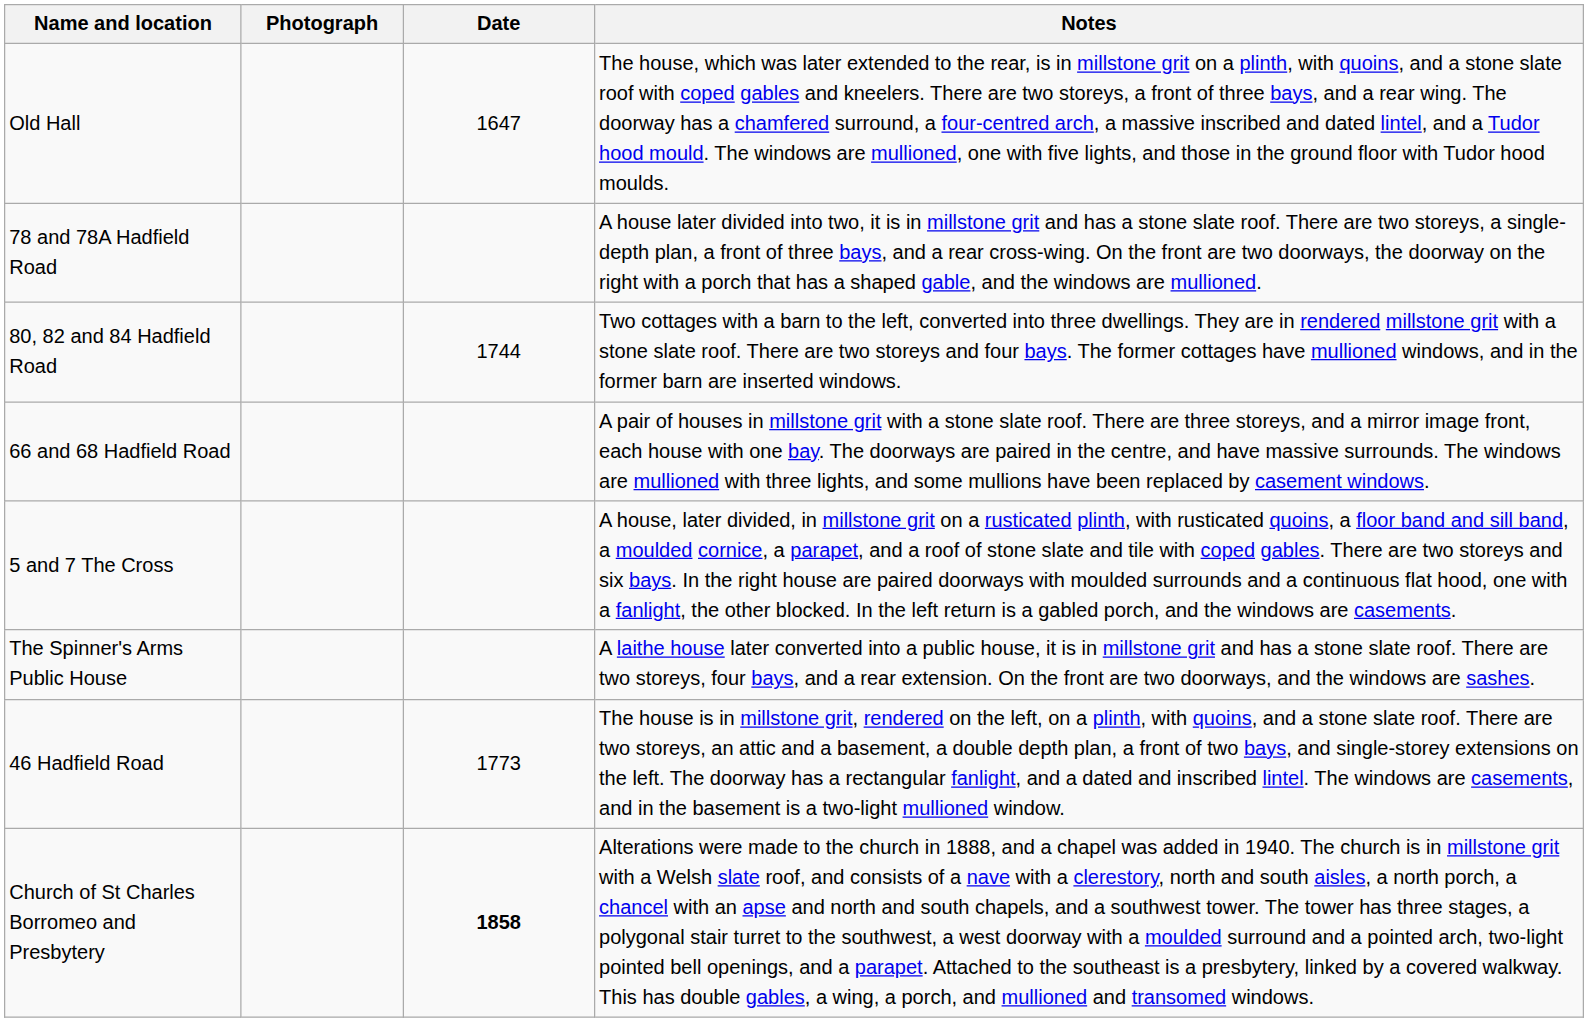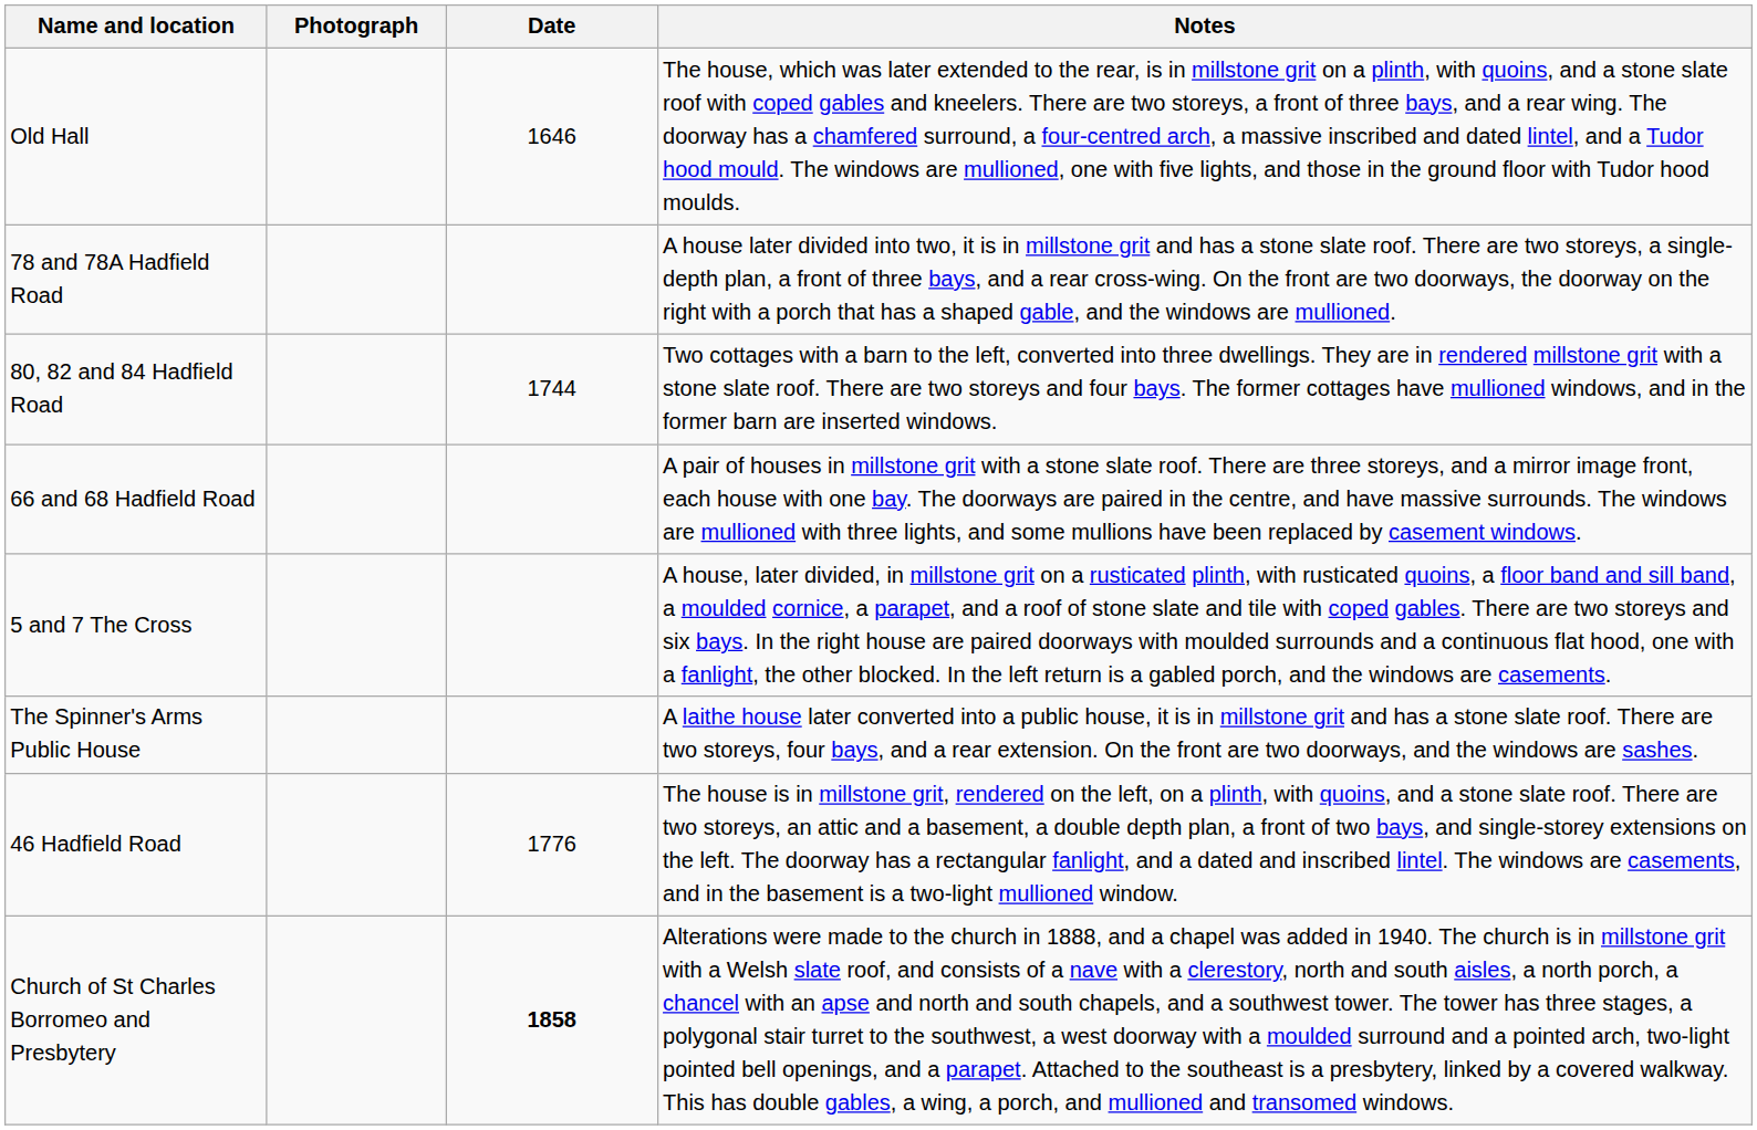 <table class="wikitable sortable plainrowheaders" style="width:100%;border:0px;text-align:left;line-height:150%;">
 <tr>
 <th scope="col"  style="width:150px">Name and location</th>
 <th scope="col"  style="width:100px" class="unsortable">Photograph</th>
 <th scope="col"  style="width:120px">Date</th>
 <th scope="col"  style="width:650px" class="unsortable">Notes</th>
 </tr>
 <tr>
 <td>Old Hall<br><small></small></td>
 <td></td>
-<td align="center">1647</td>
+<td align="center">1646</td>
 <td>The house, which was later extended to the rear, is in <a href='#'>millstone grit</a> on a <a href='#'>plinth</a>, with <a href='#'>quoins</a>, and a stone slate roof with <a href='#'>coped</a> <a href='#'>gables</a> and kneelers.  There are two storeys, a front of three <a href='#'>bays</a>, and a rear wing.  The doorway has a <a href='#'>chamfered</a> surround, a <a href='#'>four-centred arch</a>, a massive inscribed and dated <a href='#'>lintel</a>, and a <a href='#'>Tudor</a> <a href='#'>hood mould</a>.  The windows are <a href='#'>mullioned</a>, one with five lights, and those in the ground floor with Tudor hood moulds.</td>
 </tr>
 <tr>
 <td>78 and 78A Hadfield Road<br><small></small></td>
 <td></td>
 <td align="center"></td>
 <td>A house later divided into two, it is in <a href='#'>millstone grit</a> and has a stone slate roof.  There are two storeys, a single-depth plan, a front of three <a href='#'>bays</a>, and a rear cross-wing.  On the front are two doorways, the doorway on the right with a porch that has a shaped <a href='#'>gable</a>, and the windows are <a href='#'>mullioned</a>.</td>
 </tr>
 <tr>
 <td>80, 82 and 84 Hadfield Road<br><small></small></td>
 <td></td>
 <td align="center">1744</td>
 <td>Two cottages with a barn to the left, converted into three dwellings.  They are in <a href='#'>rendered</a> <a href='#'>millstone grit</a> with a stone slate roof.  There are two storeys and four <a href='#'>bays</a>.  The former cottages have <a href='#'>mullioned</a> windows, and in the former barn are inserted windows.</td>
 </tr>
 <tr>
 <td>66 and 68 Hadfield Road<br><small></small></td>
 <td></td>
 <td align="center"></td>
 <td>A pair of houses in <a href='#'>millstone grit</a> with a stone slate roof.  There are three storeys, and a mirror image front, each house with one <a href='#'>bay</a>.  The doorways are paired in the centre, and have massive surrounds.  The windows are <a href='#'>mullioned</a> with three lights, and some mullions have been replaced by <a href='#'>casement windows</a>.</td>
 </tr>
 <tr>
 <td>5 and 7 The Cross<br><small></small></td>
 <td></td>
 <td align="center"></td>
 <td>A house, later divided, in <a href='#'>millstone grit</a> on a <a href='#'>rusticated</a> <a href='#'>plinth</a>, with rusticated <a href='#'>quoins</a>, a <a href='#'>floor band and sill band</a>, a <a href='#'>moulded</a> <a href='#'>cornice</a>, a <a href='#'>parapet</a>, and a roof of stone slate and tile with <a href='#'>coped</a> <a href='#'>gables</a>.  There are two storeys and six <a href='#'>bays</a>.  In the right house are paired doorways with moulded surrounds and a continuous flat hood, one with a <a href='#'>fanlight</a>, the other blocked.  In the left return is a gabled porch, and the windows are <a href='#'>casements</a>.</td>
 </tr>
 <tr>
 <td>The Spinner's Arms Public House<br><small></small></td>
 <td></td>
 <td align="center"></td>
 <td>A <a href='#'>laithe house</a> later converted into a public house, it is in <a href='#'>millstone grit</a> and has a stone slate roof.  There are two storeys, four <a href='#'>bays</a>, and a rear extension.  On the front are two doorways, and the windows are <a href='#'>sashes</a>.</td>
 </tr>
 <tr>
 <td>46 Hadfield Road<br><small></small></td>
 <td></td>
-<td align="center">1773</td>
+<td align="center">1776</td>
 <td>The house is in <a href='#'>millstone grit</a>, <a href='#'>rendered</a> on the left, on a <a href='#'>plinth</a>, with <a href='#'>quoins</a>, and a stone slate roof.  There are two storeys, an attic and a basement, a double depth plan, a front of two <a href='#'>bays</a>, and single-storey extensions on the left.  The doorway has a rectangular <a href='#'>fanlight</a>, and a dated and inscribed <a href='#'>lintel</a>.  The windows are <a href='#'>casements</a>, and in the basement is a two-light <a href='#'>mullioned</a> window.</td>
 </tr>
 <tr>
 <td>Church of St Charles Borromeo and Presbytery<br><small></small></td>
 <td></td>
 <td align="center"><strong>1858</strong></td>
 <td>Alterations were made to the church in 1888, and a chapel was added in 1940.  The church is in <a href='#'>millstone grit</a> with a Welsh <a href='#'>slate</a> roof, and consists of a <a href='#'>nave</a> with a <a href='#'>clerestory</a>, north and south <a href='#'>aisles</a>, a north porch, a <a href='#'>chancel</a> with an <a href='#'>apse</a> and north and south chapels, and a southwest tower.  The tower has three stages, a polygonal stair turret to the southwest, a west doorway with a <a href='#'>moulded</a> surround and a pointed arch, two-light pointed bell openings, and a <a href='#'>parapet</a>.  Attached to the southeast is a presbytery, linked by a covered walkway.  This has double <a href='#'>gables</a>, a wing, a porch, and <a href='#'>mullioned</a> and <a href='#'>transomed</a> windows.</td>
 </tr>
 <tr>
 </tr>
 </table>
